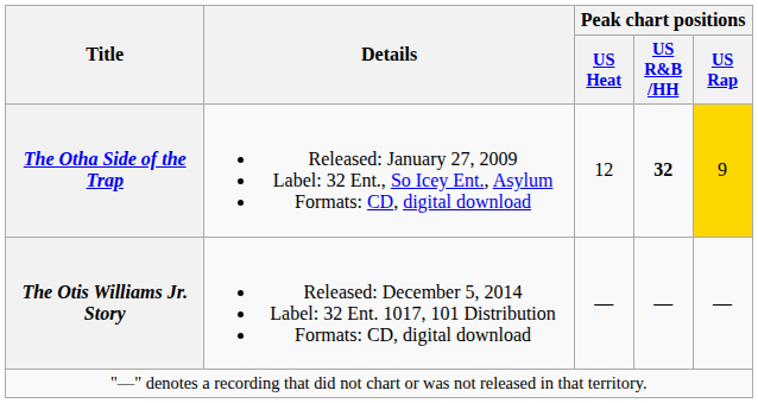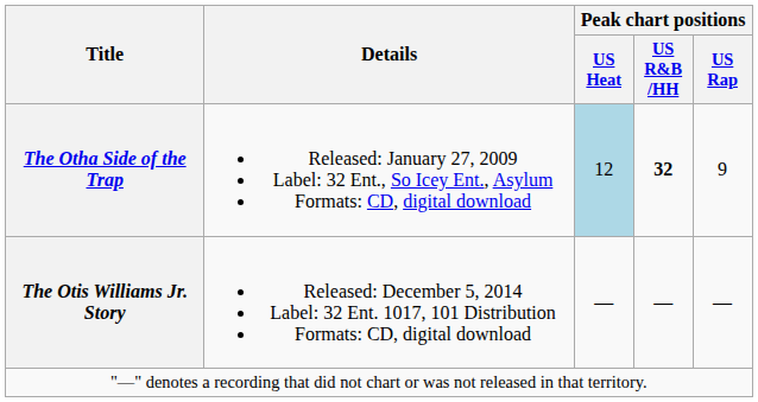 <table class="wikitable plainrowheaders" style="text-align:center;">
 <tr>
 <th scope="col" rowspan="2" style="width:10em;">Title</th>
 <th scope="col" rowspan="2" style="width:19em;">Details</th>
 <th scope="col" colspan="3">Peak chart positions</th>
 </tr>
 <tr>
 <th scope="col" style="width:3em;font-size:90%;"><a href='#'>US Heat</a><br></th>
 <th scope="col" style="width:3em;font-size:90%;"><a href='#'>US R&B<br>/HH</a><br></th>
 <th scope="col" style="width:3em;font-size:90%;"><a href='#'>US<br>Rap</a><br></th>
 </tr>
 <tr>
 <th scope="row"><em><a href='#'>The Otha Side of the Trap</a></em></th>
 <td><br><ul><li>Released: January 27, 2009</li><li>Label: 32 Ent., <a href='#'>So Icey Ent.</a>, <a href='#'>Asylum</a></li><li>Formats: <a href='#'>CD</a>, <a href='#'>digital download</a></li></ul></td>
-<td>12</td>
+<td style="background: lightblue;">12</td>
 <td><strong>32</strong></td>
-<td style="background: gold;">9</td>
+<td>9</td>
 </tr>
 <tr>
 <th scope="row"><em>The Otis Williams Jr. Story</em></th>
 <td><br><ul><li>Released: December 5, 2014</li><li>Label: 32 Ent. 1017, 101 Distribution</li><li>Formats: CD, digital download</li></ul></td>
 <td>—</td>
 <td>—</td>
 <td>—</td>
 </tr>
 <tr>
 <td colspan="6" style="font-size:90%">"—" denotes a recording that did not chart or was not released in that territory.</td>
 </tr>
 </table>
